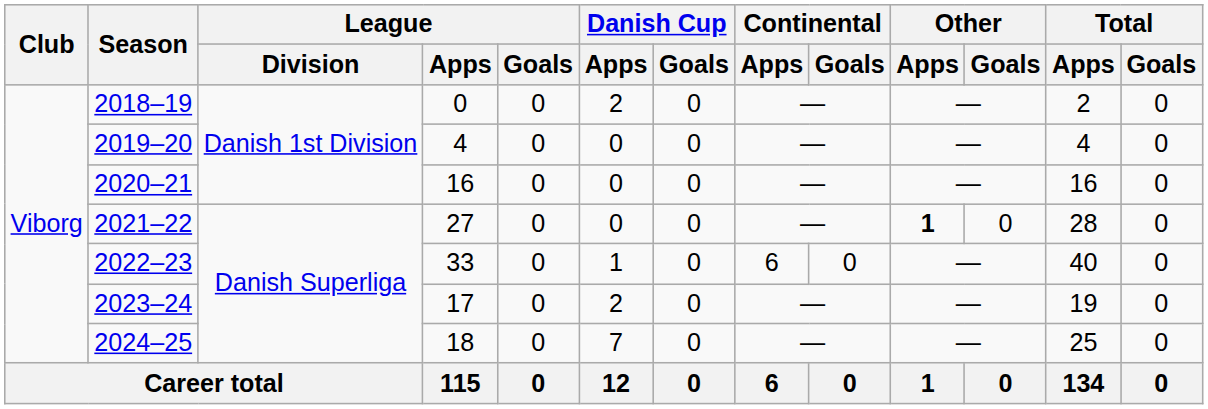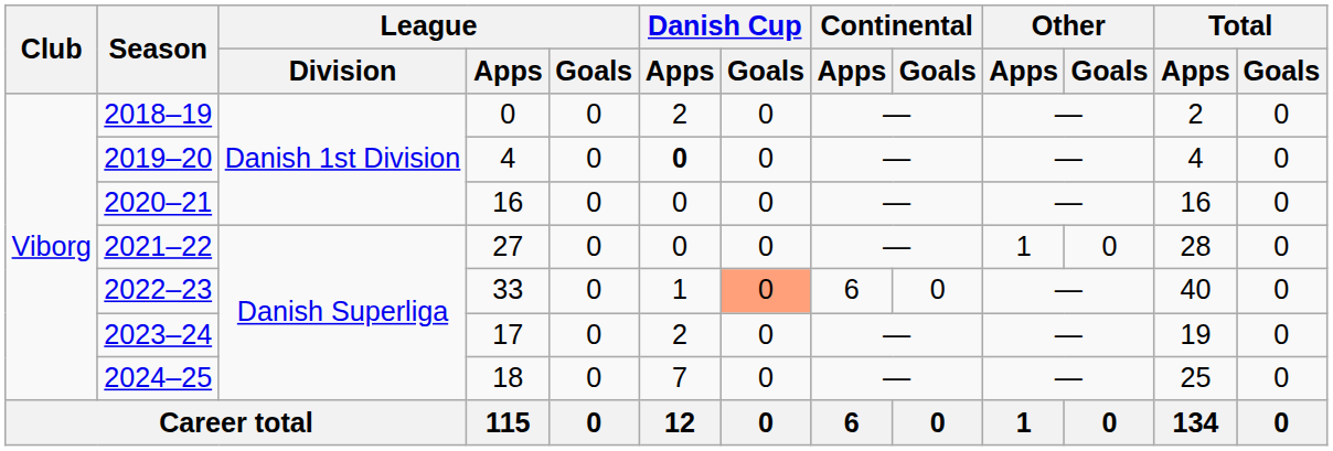 <table class="wikitable" style="text-align:center">
 <tr>
 <th rowspan="2">Club</th>
 <th rowspan="2">Season</th>
 <th colspan="3">League</th>
 <th colspan="2"><a href='#'>Danish Cup</a></th>
 <th colspan="2">Continental</th>
 <th colspan="2">Other</th>
 <th colspan="2">Total</th>
 </tr>
 <tr>
 <th>Division</th>
 <th>Apps</th>
 <th>Goals</th>
 <th>Apps</th>
 <th>Goals</th>
 <th>Apps</th>
 <th>Goals</th>
 <th>Apps</th>
 <th>Goals</th>
 <th>Apps</th>
 <th>Goals</th>
 </tr>
 <tr>
 <td rowspan="7"><a href='#'>Viborg</a></td>
 <td><a href='#'>2018–19</a></td>
 <td rowspan=3><a href='#'>Danish 1st Division</a></td>
 <td>0</td>
 <td>0</td>
 <td>2</td>
 <td>0</td>
 <td colspan="2">—</td>
 <td colspan="2">—</td>
 <td>2</td>
 <td>0</td>
 </tr>
 <tr>
 <td><a href='#'>2019–20</a></td>
 <td>4</td>
 <td>0</td>
-<td>0</td>
+<td><strong>0</strong></td>
 <td>0</td>
 <td colspan="2">—</td>
 <td colspan="2">—</td>
 <td>4</td>
 <td>0</td>
 </tr>
 <tr>
 <td><a href='#'>2020–21</a></td>
 <td>16</td>
 <td>0</td>
 <td>0</td>
 <td>0</td>
 <td colspan="2">—</td>
 <td colspan="2">—</td>
 <td>16</td>
 <td>0</td>
 </tr>
 <tr>
 <td><a href='#'>2021–22</a></td>
 <td rowspan=4><a href='#'>Danish Superliga</a></td>
 <td>27</td>
 <td>0</td>
 <td>0</td>
 <td>0</td>
 <td colspan="2">—</td>
-<td><strong>1</strong></td>
+<td>1</td>
 <td>0</td>
 <td>28</td>
 <td>0</td>
 </tr>
 <tr>
 <td><a href='#'>2022–23</a></td>
 <td>33</td>
 <td>0</td>
 <td>1</td>
-<td>0</td>
+<td style="background: lightsalmon;">0</td>
 <td>6</td>
 <td>0</td>
 <td colspan="2">—</td>
 <td>40</td>
 <td>0</td>
 </tr>
 <tr>
 <td><a href='#'>2023–24</a></td>
 <td>17</td>
 <td>0</td>
 <td>2</td>
 <td>0</td>
 <td colspan="2">—</td>
 <td colspan="2">—</td>
 <td>19</td>
 <td>0</td>
 </tr>
 <tr>
 <td><a href='#'>2024–25</a></td>
 <td>18</td>
 <td>0</td>
 <td>7</td>
 <td>0</td>
 <td colspan="2">—</td>
 <td colspan="2">—</td>
 <td>25</td>
 <td>0</td>
 </tr>
 <tr>
 <th colspan="3">Career total</th>
 <th>115</th>
 <th>0</th>
 <th>12</th>
 <th>0</th>
 <th>6</th>
 <th>0</th>
 <th>1</th>
 <th>0</th>
 <th>134</th>
 <th>0</th>
 </tr>
 </table>
